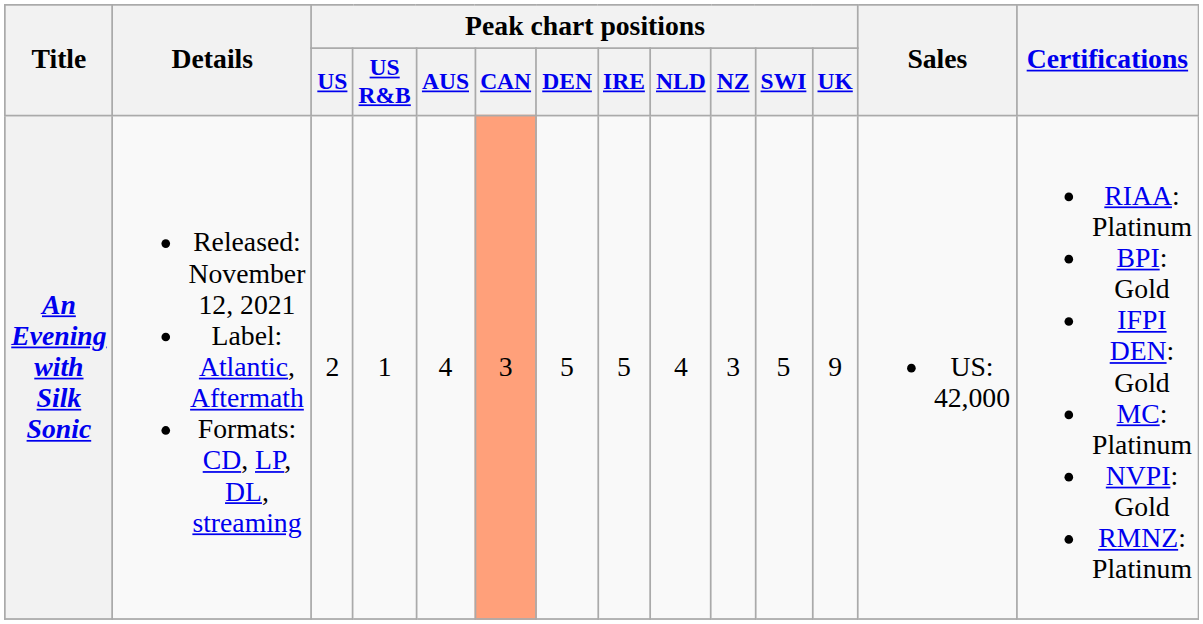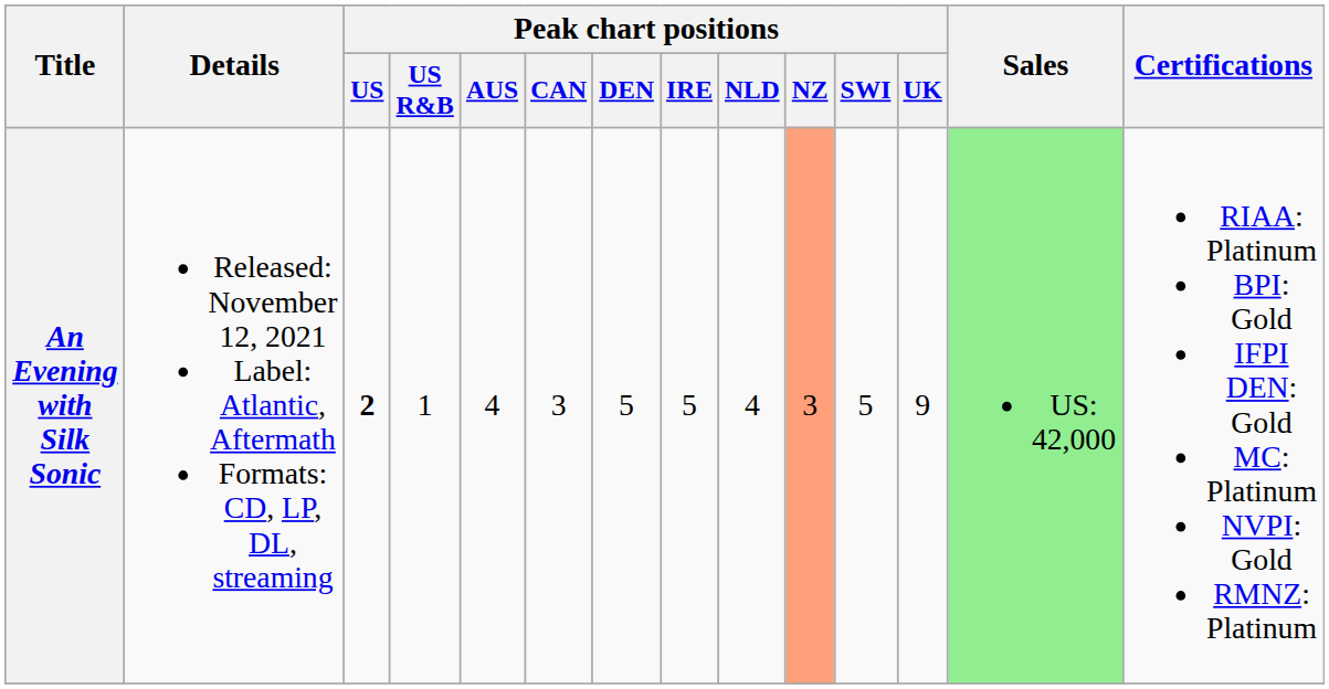 <table class="wikitable plainrowheaders" style="text-align:center;">
 <tr>
 <th scope="col" rowspan="2" style="width:6em;">Title</th>
 <th scope="col" rowspan="2" style="width:11.5em;">Details</th>
 <th scope="col" colspan="10">Peak chart positions</th>
 <th scope="col" rowspan="2">Sales</th>
 <th scope="col" rowspan="2"><a href='#'>Certifications</a></th>
 </tr>
 <tr>
 <th scope="col" style="width:2.5em;font-size:85%;"><a href='#'>US</a><br></th>
 <th scope="col" style="width:2.5em;font-size:85%;"><a href='#'>US R&B</a><br></th>
 <th scope="col" style="width:2.5em;font-size:85%;"><a href='#'>AUS</a><br></th>
 <th scope="col" style="width:2.5em;font-size:85%;"><a href='#'>CAN</a><br></th>
 <th scope="col" style="width:2.5em;font-size:85%;"><a href='#'>DEN</a><br></th>
 <th scope="col" style="width:2.5em;font-size:85%;"><a href='#'>IRE</a><br></th>
 <th scope="col" style="width:2.5em;font-size:85%;"><a href='#'>NLD</a><br></th>
 <th scope="col" style="width:2.5em;font-size:85%;"><a href='#'>NZ</a><br></th>
 <th scope="col" style="width:2.5em;font-size:85%;"><a href='#'>SWI</a><br></th>
 <th scope="col" style="width:2.5em;font-size:85%;"><a href='#'>UK</a><br></th>
 </tr>
 <tr>
 <th scope="row"><em><a href='#'>An Evening with Silk Sonic</a></em></th>
 <td><br><ul><li>Released: November 12, 2021</li><li>Label: <a href='#'>Atlantic</a>, <a href='#'>Aftermath</a></li><li>Formats: <a href='#'>CD</a>, <a href='#'>LP</a>, <a href='#'>DL</a>, <a href='#'>streaming</a></li></ul></td>
-<td>2</td>
+<td><strong>2</strong></td>
 <td>1</td>
+<td>4</td>
+<td>3</td>
+<td>5</td>
+<td>5</td>
 <td>4</td>
 <td style="background: lightsalmon;">3</td>
 <td>5</td>
-<td>5</td>
-<td>4</td>
-<td>3</td>
-<td>5</td>
 <td>9</td>
-<td><br><ul><li>US: 42,000</li></ul></td>
+<td style="background: lightgreen;"><br><ul><li>US: 42,000</li></ul></td>
 <td><br><ul><li><a href='#'>RIAA</a>: Platinum</li><li><a href='#'>BPI</a>: Gold</li><li><a href='#'>IFPI DEN</a>: Gold</li><li><a href='#'>MC</a>: Platinum</li><li><a href='#'>NVPI</a>: Gold</li><li><a href='#'>RMNZ</a>: Platinum</li></ul></td>
 </tr>
 </table>
